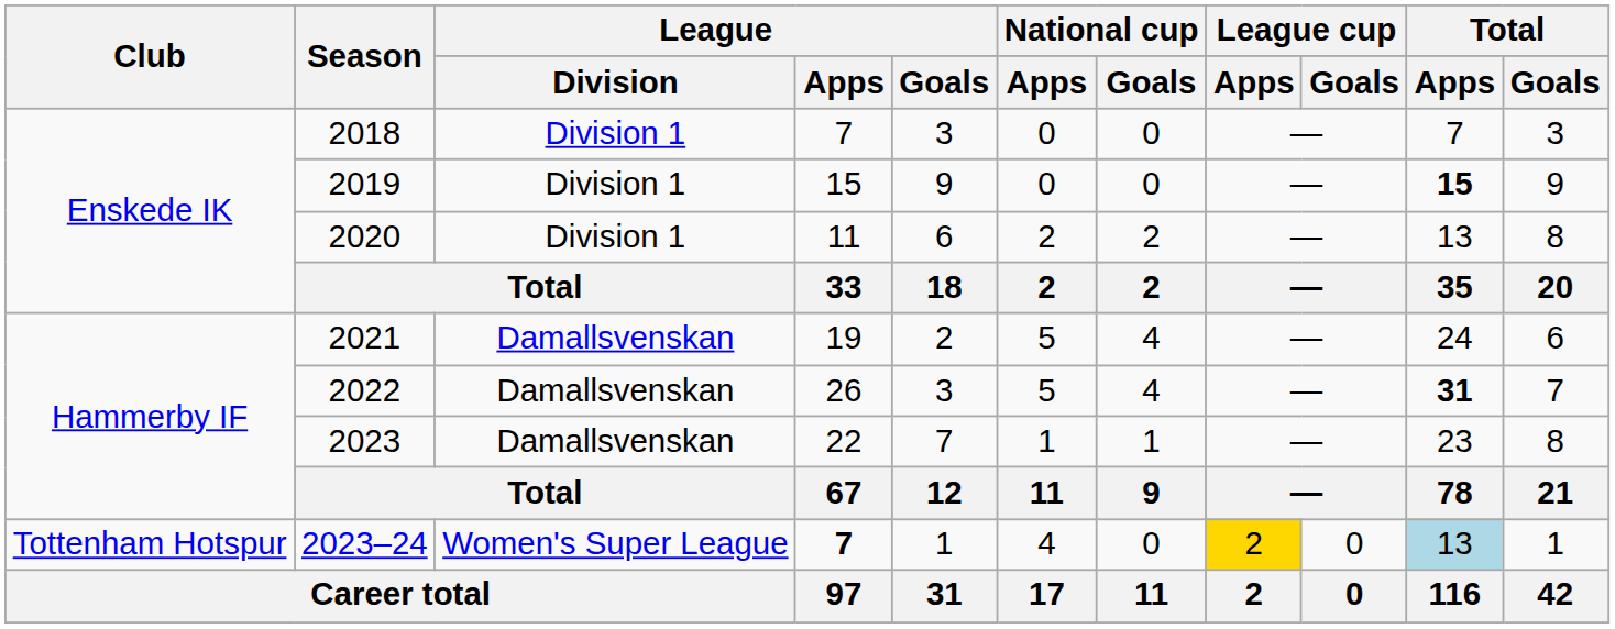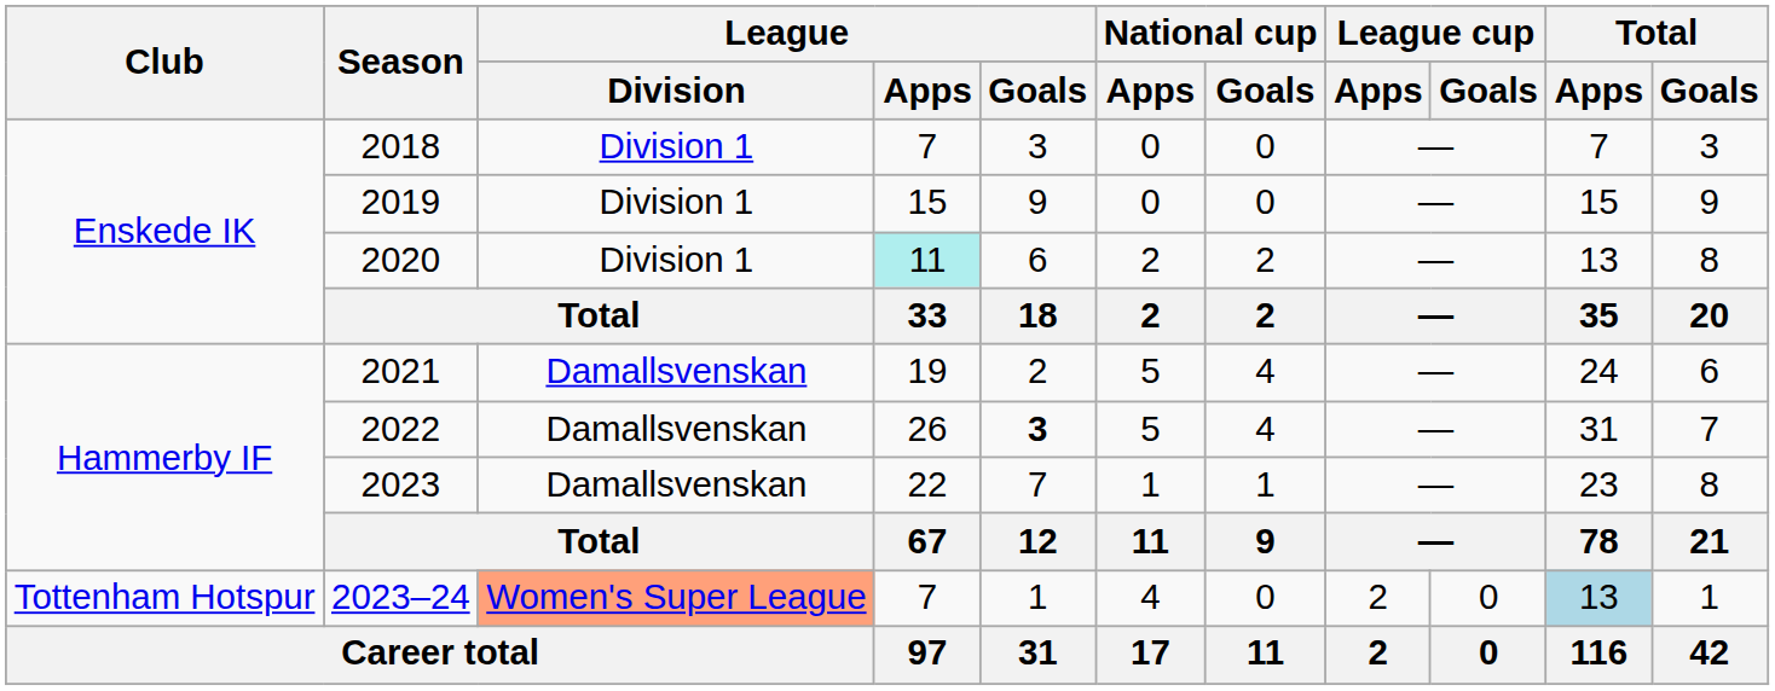 <table class="wikitable" style="text-align:center">
 <tr>
 <th rowspan="2">Club</th>
 <th rowspan="2">Season</th>
 <th colspan="3">League</th>
 <th colspan="2">National cup</th>
 <th colspan="2">League cup</th>
 <th colspan="2">Total</th>
 </tr>
 <tr>
 <th>Division</th>
 <th>Apps</th>
 <th>Goals</th>
 <th>Apps</th>
 <th>Goals</th>
 <th>Apps</th>
 <th>Goals</th>
 <th>Apps</th>
 <th>Goals</th>
 </tr>
 <tr>
 <td rowspan="4"><a href='#'>Enskede IK</a></td>
 <td>2018</td>
 <td><a href='#'>Division 1</a></td>
 <td>7</td>
 <td>3</td>
 <td>0</td>
 <td>0</td>
 <td colspan="2">—</td>
 <td>7</td>
 <td>3</td>
 </tr>
 <tr>
 <td>2019</td>
 <td>Division 1</td>
 <td>15</td>
 <td>9</td>
 <td>0</td>
 <td>0</td>
 <td colspan="2">—</td>
-<td><strong>15</strong></td>
+<td>15</td>
 <td>9</td>
 </tr>
 <tr>
 <td>2020</td>
 <td>Division 1</td>
-<td>11</td>
+<td style="background: paleturquoise;">11</td>
 <td>6</td>
 <td>2</td>
 <td>2</td>
 <td colspan="2">—</td>
 <td>13</td>
 <td>8</td>
 </tr>
 <tr>
 <th colspan="2">Total</th>
 <th>33</th>
 <th>18</th>
 <th>2</th>
 <th>2</th>
 <th colspan="2">—</th>
 <th>35</th>
 <th>20</th>
 </tr>
 <tr>
 <td rowspan="4"><a href='#'>Hammerby IF</a></td>
 <td>2021</td>
 <td><a href='#'>Damallsvenskan</a></td>
 <td>19</td>
 <td>2</td>
 <td>5</td>
 <td>4</td>
 <td colspan="2">—</td>
 <td>24</td>
 <td>6</td>
 </tr>
 <tr>
 <td>2022</td>
 <td>Damallsvenskan</td>
 <td>26</td>
-<td>3</td>
+<td><strong>3</strong></td>
 <td>5</td>
 <td>4</td>
 <td colspan="2">—</td>
-<td><strong>31</strong></td>
+<td>31</td>
 <td>7</td>
 </tr>
 <tr>
 <td>2023</td>
 <td>Damallsvenskan</td>
 <td>22</td>
 <td>7</td>
 <td>1</td>
 <td>1</td>
 <td colspan="2">—</td>
 <td>23</td>
 <td>8</td>
 </tr>
 <tr>
 <th colspan="2">Total</th>
 <th>67</th>
 <th>12</th>
 <th>11</th>
 <th>9</th>
 <th colspan="2">—</th>
 <th>78</th>
 <th>21</th>
 </tr>
 <tr>
 <td><a href='#'>Tottenham Hotspur</a></td>
 <td><a href='#'>2023–24</a></td>
-<td><a href='#'>Women's Super League</a></td>
-<td><strong>7</strong></td>
+<td style="background: lightsalmon;"><a href='#'>Women's Super League</a></td>
+<td>7</td>
 <td>1</td>
 <td>4</td>
 <td>0</td>
-<td style="background: gold;">2</td>
+<td>2</td>
 <td>0</td>
 <td style="background: lightblue;">13</td>
 <td>1</td>
 </tr>
 <tr>
 <th colspan="3">Career total</th>
 <th>97</th>
 <th>31</th>
 <th>17</th>
 <th>11</th>
 <th>2</th>
 <th>0</th>
 <th>116</th>
 <th>42</th>
 </tr>
 </table>
